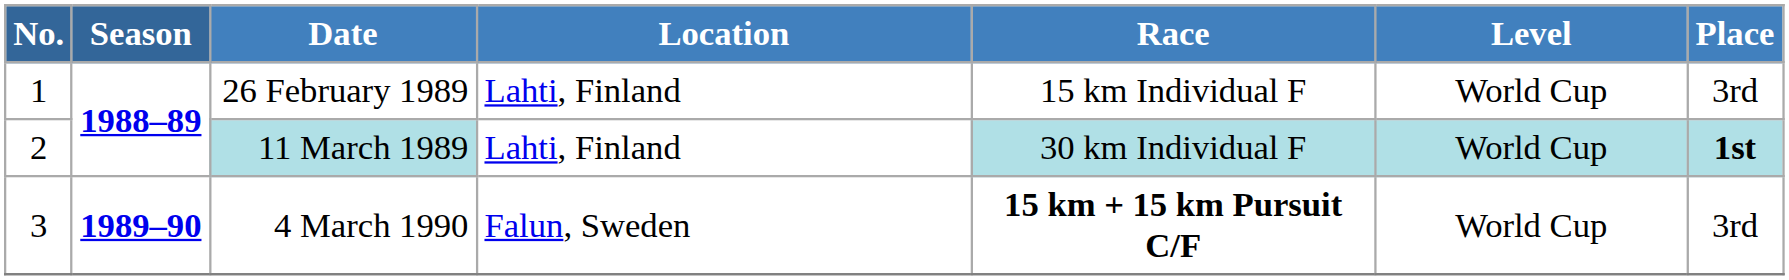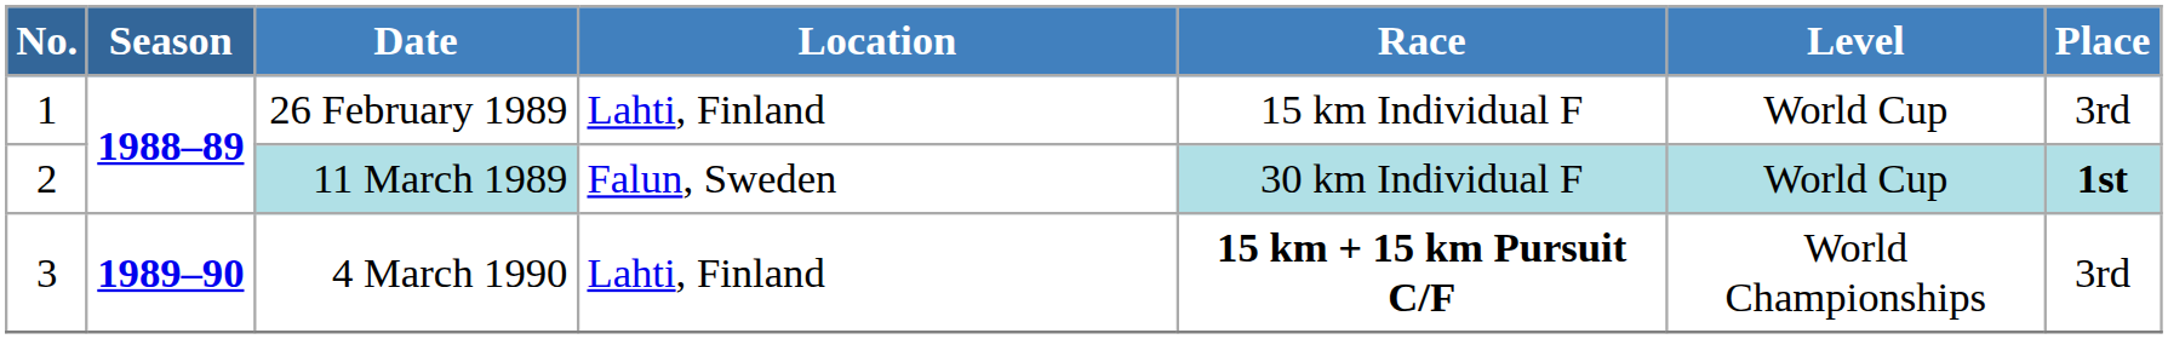 <table class="wikitable sortable" style="font-size:95%; text-align:center; border:grey solid 1px; border-collapse:collapse; background:#ffffff;">
 <tr style="background:#efefef;">
 <th style="background-color:#369; color:white;">No.</th>
 <th style="background-color:#369; color:white;">Season</th>
 <th style="background-color:#4180be; color:white; width:110px;">Date</th>
 <th style="background-color:#4180be; color:white; width:210px;">Location</th>
 <th style="background-color:#4180be; color:white; width:170px;">Race</th>
 <th style="background-color:#4180be; color:white; width:130px;">Level</th>
 <th style="background-color:#4180be; color:white;">Place</th>
 </tr>
 <tr>
 <td align=center>1</td>
 <td rowspan=2 align=center><strong><a href='#'>1988–89</a></strong></td>
 <td align=right>26 February 1989</td>
 <td align=left> <a href='#'>Lahti</a>, Finland</td>
 <td>15 km Individual F</td>
 <td>World Cup</td>
 <td>3rd</td>
 </tr>
 <tr>
 <td align=center>2</td>
 <td bgcolor="#BOEOE6" align=right>11 March 1989</td>
-<td align=left> <a href='#'>Lahti</a>, Finland</td>
+<td align=left> <a href='#'>Falun</a>, Sweden</td>
 <td bgcolor="#BOEOE6">30 km Individual F</td>
 <td bgcolor="#BOEOE6">World Cup</td>
 <td bgcolor="#BOEOE6"><strong>1st</strong></td>
 </tr>
 <tr>
 <td align=center>3</td>
 <td rowspan=1 align=center><strong><a href='#'>1989–90</a></strong></td>
 <td align=right>4 March 1990</td>
-<td align=left> <a href='#'>Falun</a>, Sweden</td>
+<td align=left> <a href='#'>Lahti</a>, Finland</td>
 <td><strong>15 km + 15 km Pursuit C/F</strong></td>
-<td>World Cup</td>
+<td>World Championships</td>
 <td>3rd</td>
 </tr>
 <tr>
 </tr>
 </table>
